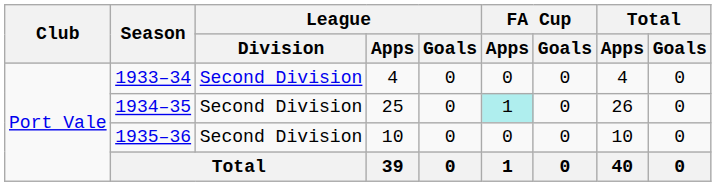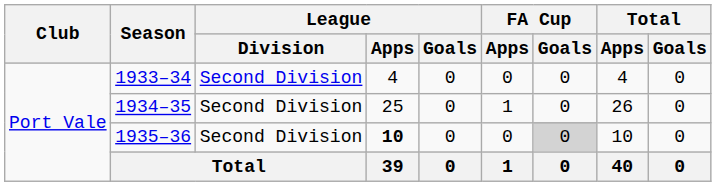 <table class="wikitable" style="text-align: center;">
 <tr>
 <th rowspan="2">Club</th>
 <th rowspan="2">Season</th>
 <th colspan="3">League</th>
 <th colspan="2">FA Cup</th>
 <th colspan="2">Total</th>
 </tr>
 <tr>
 <th>Division</th>
 <th>Apps</th>
 <th>Goals</th>
 <th>Apps</th>
 <th>Goals</th>
 <th>Apps</th>
 <th>Goals</th>
 </tr>
 <tr>
 <td rowspan="4"><a href='#'>Port Vale</a></td>
 <td><a href='#'>1933–34</a></td>
 <td><a href='#'>Second Division</a></td>
 <td>4</td>
 <td>0</td>
 <td>0</td>
 <td>0</td>
 <td>4</td>
 <td>0</td>
 </tr>
 <tr>
 <td><a href='#'>1934–35</a></td>
 <td>Second Division</td>
 <td>25</td>
 <td>0</td>
-<td style="background: paleturquoise;">1</td>
+<td>1</td>
 <td>0</td>
 <td>26</td>
 <td>0</td>
 </tr>
 <tr>
 <td><a href='#'>1935–36</a></td>
 <td>Second Division</td>
-<td>10</td>
+<td><strong>10</strong></td>
 <td>0</td>
 <td>0</td>
-<td>0</td>
+<td style="background: lightgrey;">0</td>
 <td>10</td>
 <td>0</td>
 </tr>
 <tr>
 <th colspan="2">Total</th>
 <th>39</th>
 <th>0</th>
 <th>1</th>
 <th>0</th>
 <th>40</th>
 <th>0</th>
 </tr>
 </table>
